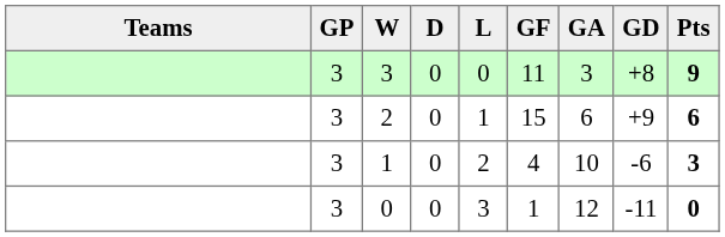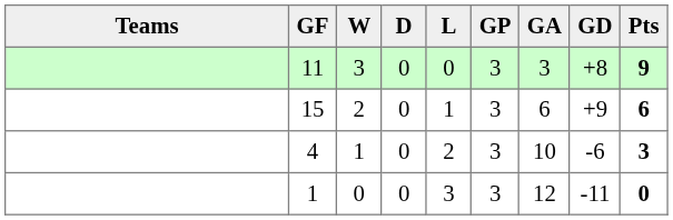 <table style=border-collapse:collapse border=1 cellspacing=0 cellpadding=5>
 <tr align=center bgcolor=#efefef>
 <th width=185>Teams</th>
-<th width=20>GP</th>
+<th width=20>GF</th>
 <th width=20>W</th>
 <th width=20>D</th>
 <th width=20>L</th>
-<th width=20>GF</th>
+<th width=20>GP</th>
 <th width=20>GA</th>
 <th width=20>GD</th>
 <th width=20>Pts<br></th>
 </tr>
 <tr align=center bgcolor="ccffcc">
 <td style="text-align:left;"></td>
-<td>3</td>
+<td>11</td>
 <td>3</td>
 <td>0</td>
 <td>0</td>
-<td>11</td>
+<td>3</td>
 <td>3</td>
 <td>+8</td>
 <td><strong>9</strong></td>
 </tr>
 <tr align=center>
 <td style="text-align:left;"></td>
-<td>3</td>
+<td>15</td>
 <td>2</td>
 <td>0</td>
 <td>1</td>
-<td>15</td>
+<td>3</td>
 <td>6</td>
 <td>+9</td>
 <td><strong>6</strong></td>
 </tr>
 <tr align=center>
 <td style="text-align:left;"></td>
-<td>3</td>
+<td>4</td>
 <td>1</td>
 <td>0</td>
 <td>2</td>
-<td>4</td>
+<td>3</td>
 <td>10</td>
 <td>-6</td>
 <td><strong>3</strong></td>
 </tr>
 <tr align=center>
 <td style="text-align:left;"></td>
-<td>3</td>
+<td>1</td>
 <td>0</td>
 <td>0</td>
 <td>3</td>
-<td>1</td>
+<td>3</td>
 <td>12</td>
 <td>-11</td>
 <td><strong>0</strong></td>
 </tr>
 </table>
